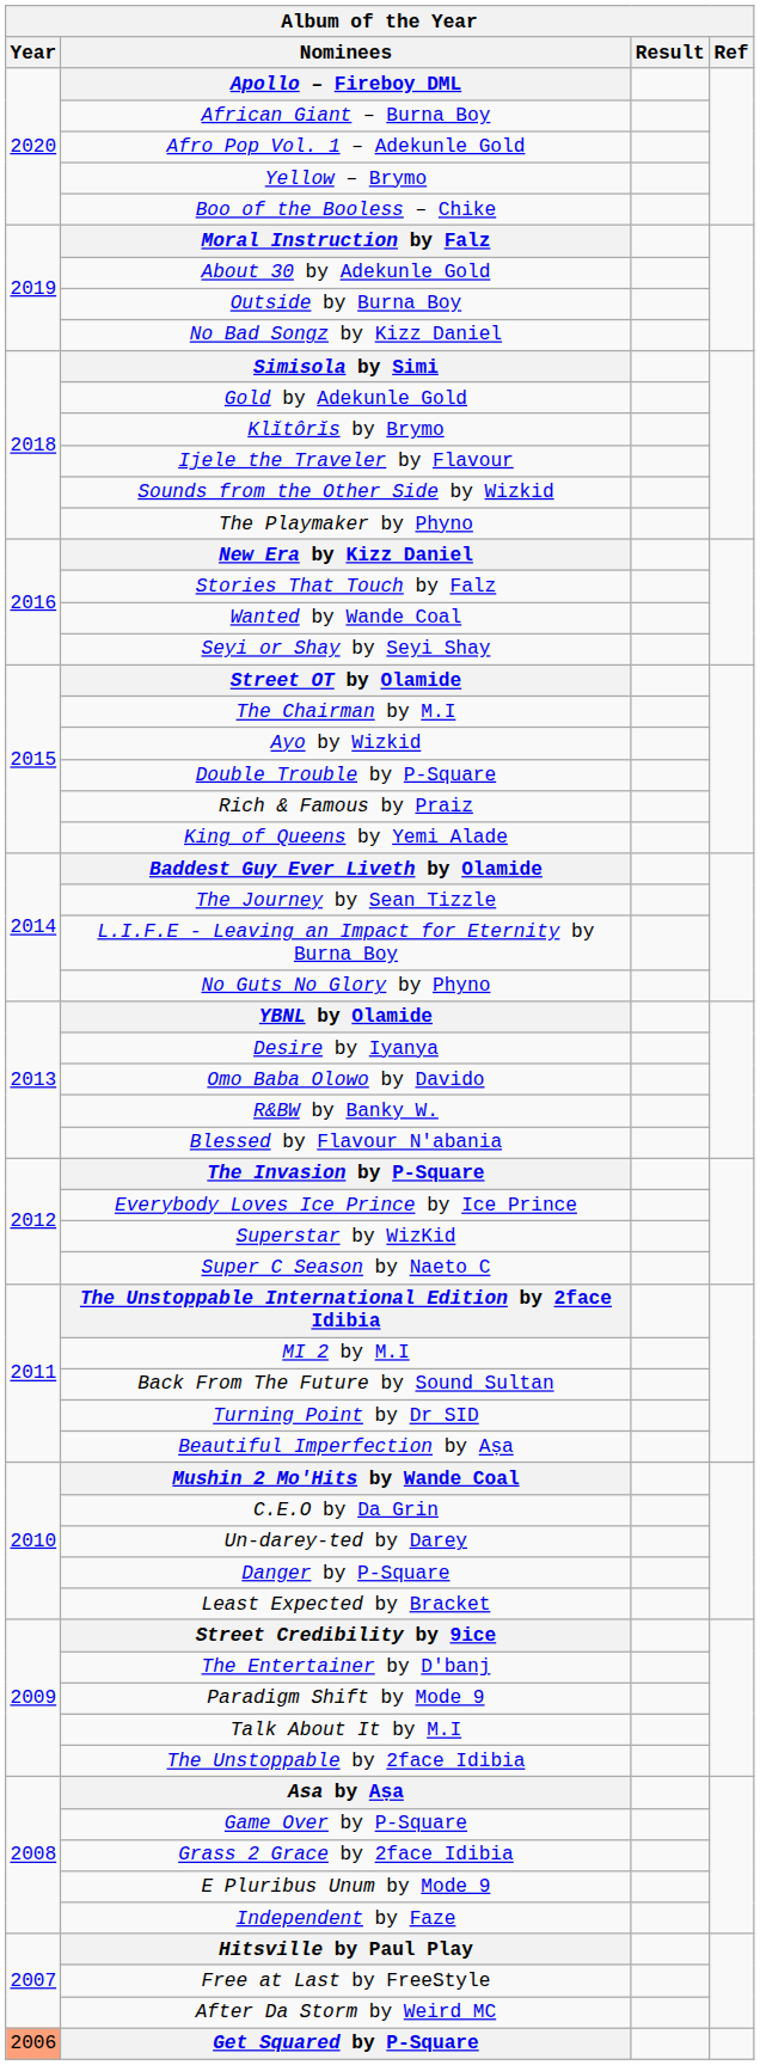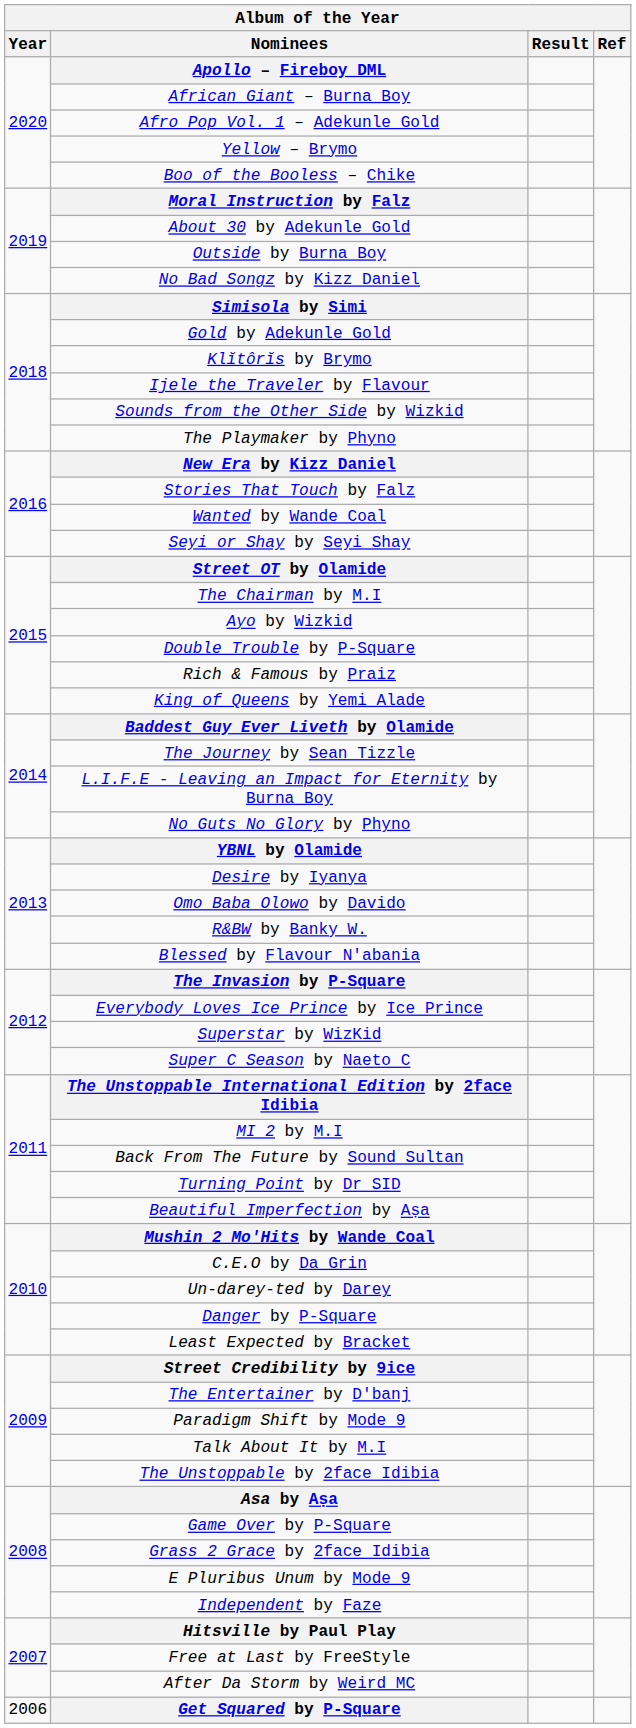 <table class="wikitable"  style="text-align:center; width:40%;">
 <tr>
 <th colspan="4">Album of the Year</th>
 </tr>
 <tr>
 <th>Year</th>
 <th>Nominees</th>
 <th>Result</th>
 <th>Ref</th>
 </tr>
 <tr>
 <td rowspan="5"><a href='#'>2020</a></td>
 <th><em><a href='#'>Apollo</a></em> – <a href='#'>Fireboy DML</a></th>
 <td></td>
 <td rowspan="5"></td>
 </tr>
 <tr>
 <td><em><a href='#'>African Giant</a></em> – <a href='#'>Burna Boy</a></td>
 <td></td>
 </tr>
 <tr>
 <td><em><a href='#'>Afro Pop Vol. 1</a></em> – <a href='#'>Adekunle Gold</a></td>
 <td></td>
 </tr>
 <tr>
 <td><em><a href='#'>Yellow</a></em> – <a href='#'>Brymo</a></td>
 <td></td>
 </tr>
 <tr>
 <td><em><a href='#'>Boo of the Booless</a></em> – <a href='#'>Chike</a></td>
 <td></td>
 </tr>
 <tr>
 <td rowspan="4"><a href='#'>2019</a></td>
 <th><em><a href='#'>Moral Instruction</a></em> by <a href='#'>Falz</a></th>
 <td></td>
 <td rowspan="4"></td>
 </tr>
 <tr>
 <td><em><a href='#'>About 30</a></em> by <a href='#'>Adekunle Gold</a></td>
 <td></td>
 </tr>
 <tr>
 <td><em><a href='#'>Outside</a></em> by <a href='#'>Burna Boy</a></td>
 <td></td>
 </tr>
 <tr>
 <td><em><a href='#'>No Bad Songz</a></em> by <a href='#'>Kizz Daniel</a></td>
 <td></td>
 </tr>
 <tr>
 <td rowspan="6"><a href='#'>2018</a></td>
 <th><em><a href='#'>Simisola</a></em> by <a href='#'>Simi</a></th>
 <td></td>
 <td rowspan="6"></td>
 </tr>
 <tr>
 <td><em><a href='#'>Gold</a></em> by <a href='#'>Adekunle Gold</a></td>
 <td></td>
 </tr>
 <tr>
 <td><em><a href='#'>Klĭtôrĭs</a></em> by <a href='#'>Brymo</a></td>
 <td></td>
 </tr>
 <tr>
 <td><em><a href='#'>Ijele the Traveler</a></em> by <a href='#'>Flavour</a></td>
 <td></td>
 </tr>
 <tr>
 <td><em><a href='#'>Sounds from the Other Side</a></em> by <a href='#'>Wizkid</a></td>
 <td></td>
 </tr>
 <tr>
 <td><em>The Playmaker</em> by <a href='#'>Phyno</a></td>
 <td></td>
 </tr>
 <tr>
 <td rowspan="4"><a href='#'>2016</a></td>
 <th><em><a href='#'>New Era</a></em> by <a href='#'>Kizz Daniel</a></th>
 <td></td>
 <td rowspan="4"></td>
 </tr>
 <tr>
 <td><em><a href='#'>Stories That Touch</a></em> by <a href='#'>Falz</a></td>
 <td></td>
 </tr>
 <tr>
 <td><a href='#'><em>Wanted</em></a> by <a href='#'>Wande Coal</a></td>
 <td></td>
 </tr>
 <tr>
 <td><em><a href='#'>Seyi or Shay</a></em> by <a href='#'>Seyi Shay</a></td>
 <td></td>
 </tr>
 <tr>
 <td rowspan="6"><a href='#'>2015</a></td>
 <th><em><a href='#'>Street OT</a></em> by <a href='#'>Olamide</a></th>
 <td></td>
 <td rowspan="6"></td>
 </tr>
 <tr>
 <td><em><a href='#'>The Chairman</a></em> by <a href='#'>M.I</a></td>
 <td></td>
 </tr>
 <tr>
 <td><em><a href='#'>Ayo</a></em> by <a href='#'>Wizkid</a></td>
 <td></td>
 </tr>
 <tr>
 <td><em><a href='#'>Double Trouble</a></em> by <a href='#'>P-Square</a></td>
 <td></td>
 </tr>
 <tr>
 <td><em>Rich & Famous</em> by <a href='#'>Praiz</a></td>
 <td></td>
 </tr>
 <tr>
 <td><em><a href='#'>King of Queens</a></em> by <a href='#'>Yemi Alade</a></td>
 <td></td>
 </tr>
 <tr>
 <td rowspan="4"><a href='#'>2014</a></td>
 <th><em><a href='#'>Baddest Guy Ever Liveth</a></em> by <a href='#'>Olamide</a></th>
 <td></td>
 <td rowspan="4"></td>
 </tr>
 <tr>
 <td><em><a href='#'>The Journey</a></em> by <a href='#'>Sean Tizzle</a></td>
 <td></td>
 </tr>
 <tr>
 <td><em><a href='#'>L.I.F.E - Leaving an Impact for Eternity</a></em> by <a href='#'>Burna Boy</a></td>
 <td></td>
 </tr>
 <tr>
 <td><em><a href='#'>No Guts No Glory</a></em> by <a href='#'>Phyno</a></td>
 <td></td>
 </tr>
 <tr>
 <td rowspan="5"><a href='#'>2013</a></td>
 <th><em><a href='#'>YBNL</a></em> by <a href='#'>Olamide</a></th>
 <td></td>
 <td rowspan="5"></td>
 </tr>
 <tr>
 <td><em><a href='#'>Desire</a></em> by <a href='#'>Iyanya</a></td>
 <td></td>
 </tr>
 <tr>
 <td><em><a href='#'>Omo Baba Olowo</a></em> by <a href='#'>Davido</a></td>
 <td></td>
 </tr>
 <tr>
 <td><em><a href='#'>R&BW</a></em> by <a href='#'>Banky W.</a></td>
 <td></td>
 </tr>
 <tr>
 <td><a href='#'><em>Blessed</em></a> by <a href='#'>Flavour N'abania</a></td>
 <td></td>
 </tr>
 <tr>
 <td rowspan="4"><a href='#'>2012</a></td>
 <th><a href='#'><em>The Invasion</em></a> by <a href='#'>P-Square</a></th>
 <td></td>
 <td rowspan="4"></td>
 </tr>
 <tr>
 <td><em><a href='#'>Everybody Loves Ice Prince</a></em> by <a href='#'>Ice Prince</a></td>
 <td></td>
 </tr>
 <tr>
 <td><a href='#'><em>Superstar</em></a> by <a href='#'>WizKid</a></td>
 <td></td>
 </tr>
 <tr>
 <td><em><a href='#'>Super C Season</a></em> by <a href='#'>Naeto C</a></td>
 <td></td>
 </tr>
 <tr>
 <td rowspan="5"><a href='#'>2011</a></td>
 <th><a href='#'><em>The Unstoppable International Edition</em></a> by <a href='#'>2face Idibia</a></th>
 <td></td>
 <td rowspan="5"></td>
 </tr>
 <tr>
 <td><em><a href='#'>MI 2</a></em> by <a href='#'>M.I</a></td>
 <td></td>
 </tr>
 <tr>
 <td><em>Back From The Future</em> by <a href='#'>Sound Sultan</a></td>
 <td></td>
 </tr>
 <tr>
 <td><a href='#'><em>Turning Point</em></a> by <a href='#'>Dr SID</a></td>
 <td></td>
 </tr>
 <tr>
 <td><em><a href='#'>Beautiful Imperfection</a></em> by <a href='#'>Aṣa</a></td>
 <td></td>
 </tr>
 <tr>
 <td rowspan="5"><a href='#'>2010</a></td>
 <th><em><a href='#'>Mushin 2 Mo'Hits</a></em> by <a href='#'>Wande Coal</a></th>
 <td></td>
 <td rowspan="5"></td>
 </tr>
 <tr>
 <td><em>C.E.O</em> by <a href='#'>Da Grin</a></td>
 <td></td>
 </tr>
 <tr>
 <td><em>Un-darey-ted</em> by <a href='#'>Darey</a></td>
 <td></td>
 </tr>
 <tr>
 <td><a href='#'><em>Danger</em></a> by <a href='#'>P-Square</a></td>
 <td></td>
 </tr>
 <tr>
 <td><em>Least Expected</em> by <a href='#'>Bracket</a></td>
 <td></td>
 </tr>
 <tr>
 <td rowspan="5"><a href='#'>2009</a></td>
 <th><em>Street Credibility</em> by <a href='#'>9ice</a></th>
 <td></td>
 <td rowspan="5"></td>
 </tr>
 <tr>
 <td><a href='#'><em>The Entertainer</em></a> by <a href='#'>D'banj</a></td>
 <td></td>
 </tr>
 <tr>
 <td><em>Paradigm Shift</em> by <a href='#'>Mode 9</a></td>
 <td></td>
 </tr>
 <tr>
 <td><em>Talk About It</em> by <a href='#'>M.I</a></td>
 <td></td>
 </tr>
 <tr>
 <td><em><a href='#'>The Unstoppable</a></em> by <a href='#'>2face Idibia</a></td>
 <td></td>
 </tr>
 <tr>
 <td rowspan="5"><a href='#'>2008</a></td>
 <th><em>Asa</em> by <a href='#'>Aṣa</a></th>
 <td></td>
 <td rowspan="5"></td>
 </tr>
 <tr>
 <td><a href='#'><em>Game Over</em></a> by <a href='#'>P-Square</a></td>
 <td></td>
 </tr>
 <tr>
 <td><em><a href='#'>Grass 2 Grace</a></em> by <a href='#'>2face Idibia</a></td>
 <td></td>
 </tr>
 <tr>
 <td><em>E Pluribus Unum</em> by <a href='#'>Mode 9</a></td>
 <td></td>
 </tr>
 <tr>
 <td><a href='#'><em>Independent</em></a> by <a href='#'>Faze</a></td>
 <td></td>
 </tr>
 <tr>
 <td rowspan="3"><a href='#'>2007</a></td>
 <th><em>Hitsville</em> by Paul Play</th>
 <td></td>
 <td rowspan="3"></td>
 </tr>
 <tr>
 <td><em>Free at Last</em> by FreeStyle</td>
 <td></td>
 </tr>
 <tr>
 <td><em>After Da Storm</em> by <a href='#'>Weird MC</a></td>
 <td></td>
 </tr>
 <tr>
-<td style="background: lightsalmon;">2006</td>
+<td>2006</td>
 <th><em><a href='#'>Get Squared</a></em> by <a href='#'>P-Square</a></th>
 <td></td>
 <td></td>
 </tr>
 </table>
